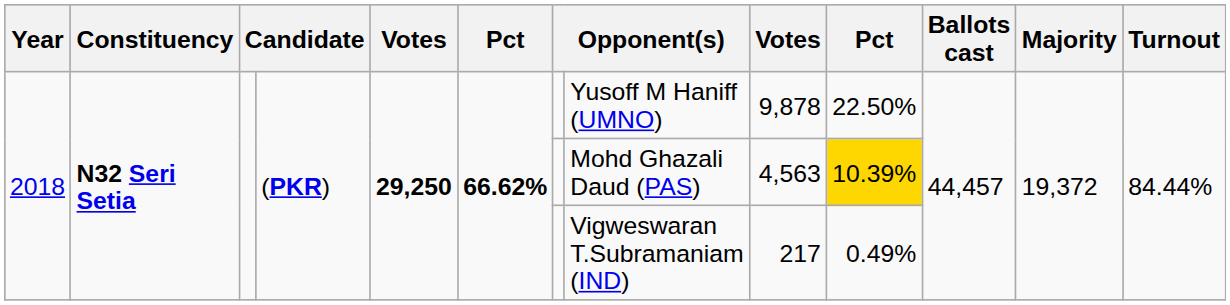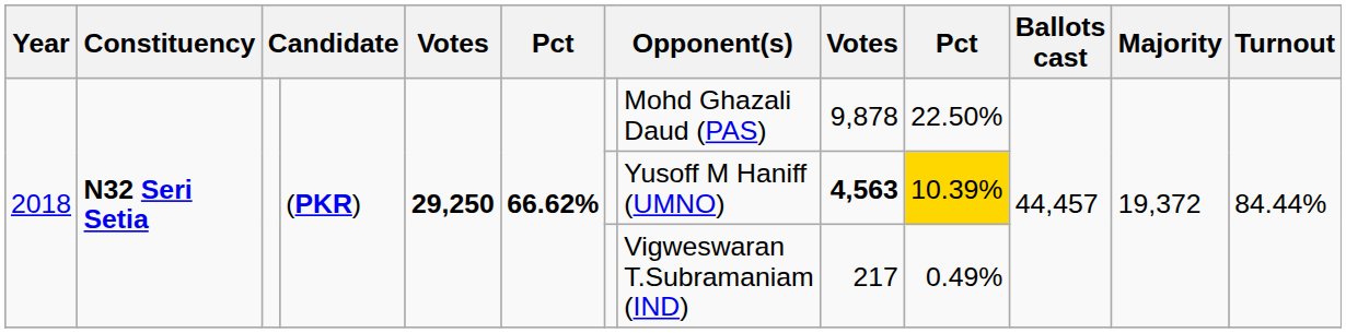 <table class="wikitable" style="margin:0.5em ; font-size:95%">
 <tr>
 <th>Year</th>
 <th>Constituency</th>
 <th colspan=2>Candidate</th>
 <th>Votes</th>
 <th>Pct</th>
 <th colspan=2>Opponent(s)</th>
 <th>Votes</th>
 <th>Pct</th>
 <th>Ballots cast</th>
 <th>Majority</th>
 <th>Turnout</th>
 </tr>
 <tr>
 <td rowspan=3><a href='#'>2018</a></td>
 <td rowspan=3><strong>N32 <a href='#'>Seri Setia</a></strong></td>
 <td rowspan=3 ></td>
 <td rowspan=3> (<a href='#'><strong>PKR</strong></a>)</td>
 <td rowspan=3 align="right"><strong>29,250</strong></td>
 <td rowspan=3><strong>66.62%</strong></td>
 <td></td>
-<td>Yusoff M Haniff (<a href='#'>UMNO</a>)</td>
+<td>Mohd Ghazali Daud (<a href='#'>PAS</a>)</td>
 <td align="right">9,878</td>
 <td>22.50%</td>
 <td rowspan=3>44,457</td>
 <td rowspan=3>19,372</td>
 <td rowspan=3>84.44%</td>
 </tr>
 <tr>
 <td></td>
-<td>Mohd Ghazali Daud (<a href='#'>PAS</a>)</td>
-<td align="right">4,563</td>
+<td>Yusoff M Haniff (<a href='#'>UMNO</a>)</td>
+<td align="right"><strong>4,563</strong></td>
 <td style="background: gold;">10.39%</td>
 </tr>
 <tr>
 <td></td>
 <td>Vigweswaran T.Subramaniam (<a href='#'>IND</a>)</td>
 <td align="right">217</td>
 <td align="right">0.49%</td>
 </tr>
 </table>
